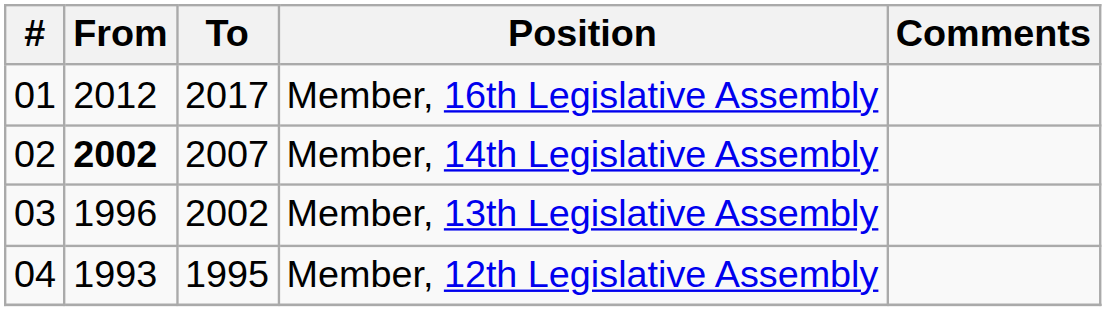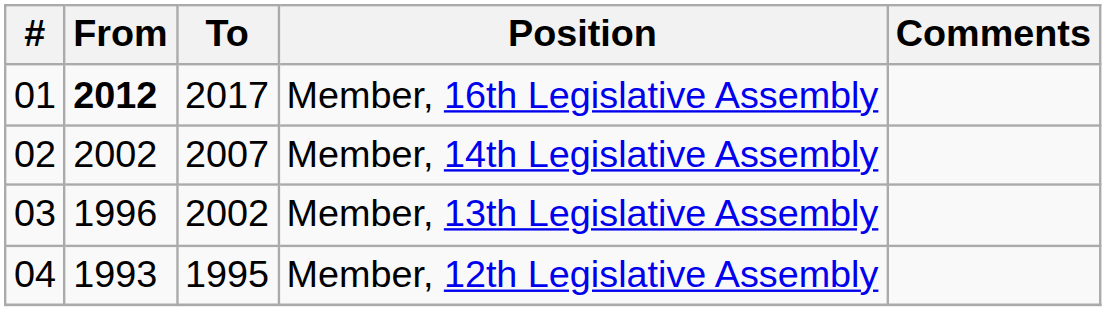 <table class="wikitable sortable">
 <tr>
 <th>#</th>
 <th>From</th>
 <th>To</th>
 <th>Position</th>
 <th>Comments</th>
 </tr>
 <tr>
 <td>01</td>
-<td>2012</td>
+<td><strong>2012</strong></td>
 <td>2017</td>
 <td>Member, <a href='#'>16th Legislative Assembly</a></td>
 <td></td>
 </tr>
 <tr>
 <td>02</td>
-<td><strong>2002</strong></td>
+<td>2002</td>
 <td>2007</td>
 <td>Member, <a href='#'>14th Legislative Assembly</a></td>
 <td></td>
 </tr>
 <tr>
 <td>03</td>
 <td>1996</td>
 <td>2002</td>
 <td>Member, <a href='#'>13th Legislative Assembly</a></td>
 <td></td>
 </tr>
 <tr>
 <td>04</td>
 <td>1993</td>
 <td>1995</td>
 <td>Member, <a href='#'>12th Legislative Assembly</a></td>
 <td></td>
 </tr>
 <tr>
 </tr>
 </table>
